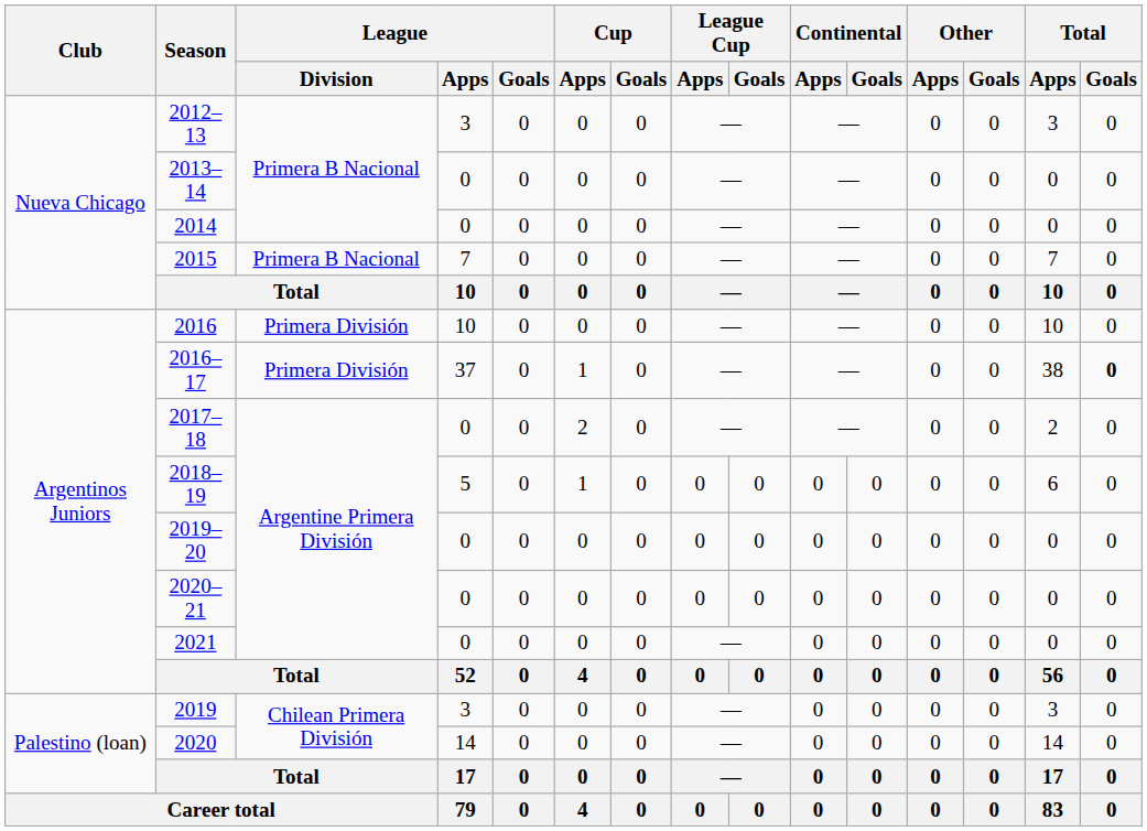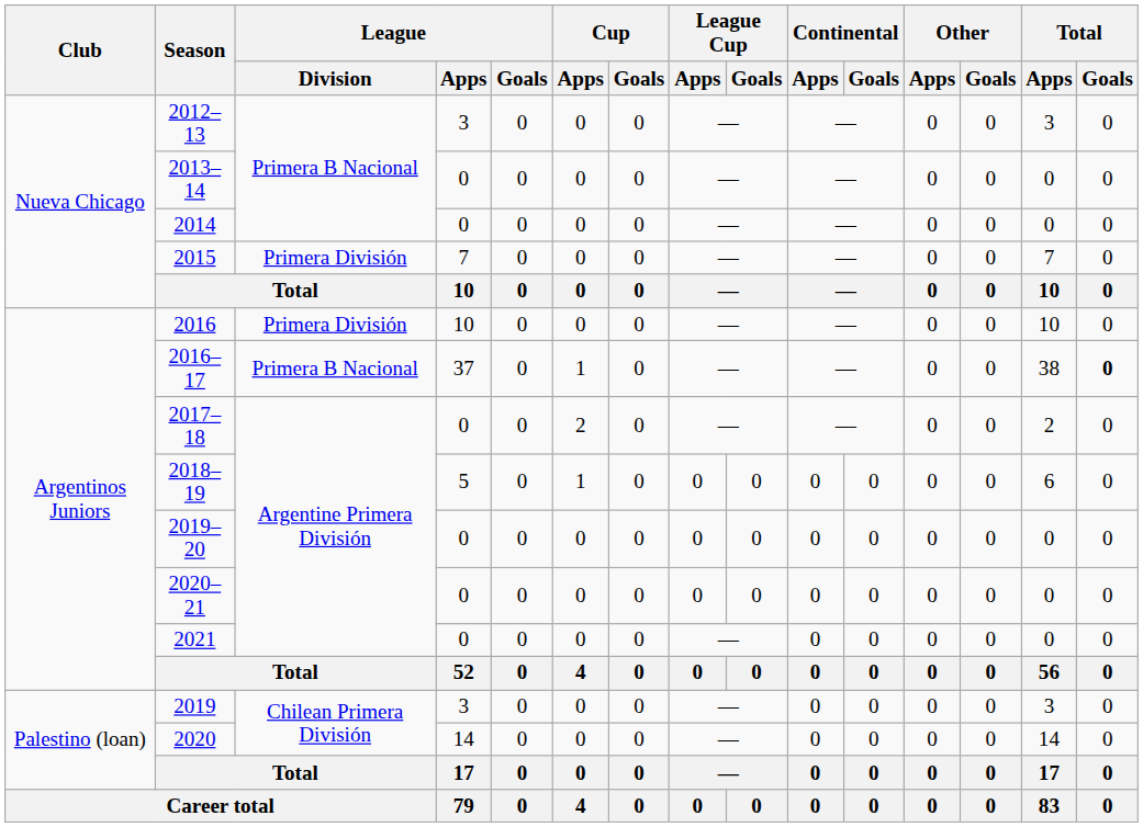 <table class="wikitable" style="text-align:center">
 <tr>
 <th rowspan="2">Club</th>
 <th rowspan="2">Season</th>
 <th colspan="3">League</th>
 <th colspan="2">Cup</th>
 <th colspan="2">League Cup</th>
 <th colspan="2">Continental</th>
 <th colspan="2">Other</th>
 <th colspan="2">Total</th>
 </tr>
 <tr>
 <th>Division</th>
 <th>Apps</th>
 <th>Goals</th>
 <th>Apps</th>
 <th>Goals</th>
 <th>Apps</th>
 <th>Goals</th>
 <th>Apps</th>
 <th>Goals</th>
 <th>Apps</th>
 <th>Goals</th>
 <th>Apps</th>
 <th>Goals</th>
 </tr>
 <tr>
 <td rowspan="5"><a href='#'>Nueva Chicago</a></td>
 <td><a href='#'>2012–13</a></td>
 <td rowspan="3"><a href='#'>Primera B Nacional</a></td>
 <td>3</td>
 <td>0</td>
 <td>0</td>
 <td>0</td>
 <td colspan="2">—</td>
 <td colspan="2">—</td>
 <td>0</td>
 <td>0</td>
 <td>3</td>
 <td>0</td>
 </tr>
 <tr>
 <td><a href='#'>2013–14</a></td>
 <td>0</td>
 <td>0</td>
 <td>0</td>
 <td>0</td>
 <td colspan="2">—</td>
 <td colspan="2">—</td>
 <td>0</td>
 <td>0</td>
 <td>0</td>
 <td>0</td>
 </tr>
 <tr>
 <td><a href='#'>2014</a></td>
 <td>0</td>
 <td>0</td>
 <td>0</td>
 <td>0</td>
 <td colspan="2">—</td>
 <td colspan="2">—</td>
 <td>0</td>
 <td>0</td>
 <td>0</td>
 <td>0</td>
 </tr>
 <tr>
 <td><a href='#'>2015</a></td>
-<td rowspan="1"><a href='#'>Primera B Nacional</a></td>
+<td rowspan="1"><a href='#'>Primera División</a></td>
 <td>7</td>
 <td>0</td>
 <td>0</td>
 <td>0</td>
 <td colspan="2">—</td>
 <td colspan="2">—</td>
 <td>0</td>
 <td>0</td>
 <td>7</td>
 <td>0</td>
 </tr>
 <tr>
 <th colspan="2">Total</th>
 <th>10</th>
 <th>0</th>
 <th>0</th>
 <th>0</th>
 <th colspan="2">—</th>
 <th colspan="2">—</th>
 <th>0</th>
 <th>0</th>
 <th>10</th>
 <th>0</th>
 </tr>
 <tr>
 <td rowspan="8"><a href='#'>Argentinos Juniors</a></td>
 <td><a href='#'>2016</a></td>
 <td rowspan="1"><a href='#'>Primera División</a></td>
 <td>10</td>
 <td>0</td>
 <td>0</td>
 <td>0</td>
 <td colspan="2">—</td>
 <td colspan="2">—</td>
 <td>0</td>
 <td>0</td>
 <td>10</td>
 <td>0</td>
 </tr>
 <tr>
 <td><a href='#'>2016–17</a></td>
-<td rowspan="1"><a href='#'>Primera División</a></td>
+<td rowspan="1"><a href='#'>Primera B Nacional</a></td>
 <td>37</td>
 <td>0</td>
 <td>1</td>
 <td>0</td>
 <td colspan="2">—</td>
 <td colspan="2">—</td>
 <td>0</td>
 <td>0</td>
 <td>38</td>
 <td><strong>0</strong></td>
 </tr>
 <tr>
 <td><a href='#'>2017–18</a></td>
 <td rowspan="5"><a href='#'>Argentine Primera División</a></td>
 <td>0</td>
 <td>0</td>
 <td>2</td>
 <td>0</td>
 <td colspan="2">—</td>
 <td colspan="2">—</td>
 <td>0</td>
 <td>0</td>
 <td>2</td>
 <td>0</td>
 </tr>
 <tr>
 <td><a href='#'>2018–19</a></td>
 <td>5</td>
 <td>0</td>
 <td>1</td>
 <td>0</td>
 <td>0</td>
 <td>0</td>
 <td>0</td>
 <td>0</td>
 <td>0</td>
 <td>0</td>
 <td>6</td>
 <td>0</td>
 </tr>
 <tr>
 <td><a href='#'>2019–20</a></td>
 <td>0</td>
 <td>0</td>
 <td>0</td>
 <td>0</td>
 <td>0</td>
 <td>0</td>
 <td>0</td>
 <td>0</td>
 <td>0</td>
 <td>0</td>
 <td>0</td>
 <td>0</td>
 </tr>
 <tr>
 <td><a href='#'>2020–21</a></td>
 <td>0</td>
 <td>0</td>
 <td>0</td>
 <td>0</td>
 <td>0</td>
 <td>0</td>
 <td>0</td>
 <td>0</td>
 <td>0</td>
 <td>0</td>
 <td>0</td>
 <td>0</td>
 </tr>
 <tr>
 <td><a href='#'>2021</a></td>
 <td>0</td>
 <td>0</td>
 <td>0</td>
 <td>0</td>
 <td colspan="2">—</td>
 <td>0</td>
 <td>0</td>
 <td>0</td>
 <td>0</td>
 <td>0</td>
 <td>0</td>
 </tr>
 <tr>
 <th colspan="2">Total</th>
 <th>52</th>
 <th>0</th>
 <th>4</th>
 <th>0</th>
 <th>0</th>
 <th>0</th>
 <th>0</th>
 <th>0</th>
 <th>0</th>
 <th>0</th>
 <th>56</th>
 <th>0</th>
 </tr>
 <tr>
 <td rowspan="3"><a href='#'>Palestino</a> (loan)</td>
 <td><a href='#'>2019</a></td>
 <td rowspan="2"><a href='#'>Chilean Primera División</a></td>
 <td>3</td>
 <td>0</td>
 <td>0</td>
 <td>0</td>
 <td colspan="2">—</td>
 <td>0</td>
 <td>0</td>
 <td>0</td>
 <td>0</td>
 <td>3</td>
 <td>0</td>
 </tr>
 <tr>
 <td><a href='#'>2020</a></td>
 <td>14</td>
 <td>0</td>
 <td>0</td>
 <td>0</td>
 <td colspan="2">—</td>
 <td>0</td>
 <td>0</td>
 <td>0</td>
 <td>0</td>
 <td>14</td>
 <td>0</td>
 </tr>
 <tr>
 <th colspan="2">Total</th>
 <th>17</th>
 <th>0</th>
 <th>0</th>
 <th>0</th>
 <th colspan="2">—</th>
 <th>0</th>
 <th>0</th>
 <th>0</th>
 <th>0</th>
 <th>17</th>
 <th>0</th>
 </tr>
 <tr>
 <th colspan="3">Career total</th>
 <th>79</th>
 <th>0</th>
 <th>4</th>
 <th>0</th>
 <th>0</th>
 <th>0</th>
 <th>0</th>
 <th>0</th>
 <th>0</th>
 <th>0</th>
 <th>83</th>
 <th>0</th>
 </tr>
 </table>
